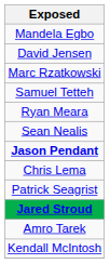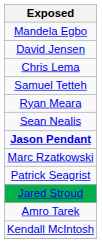 <table class="wikitable" style="text-align:center">
 <tr>
 <th>Exposed</th>
 </tr>
 <tr>
 <td><a href='#'>Mandela Egbo</a></td>
 </tr>
 <tr>
 <td><a href='#'>David Jensen</a></td>
 </tr>
 <tr>
-<td><a href='#'>Marc Rzatkowski</a></td>
+<td><a href='#'>Chris Lema</a></td>
 </tr>
 <tr>
 <td><a href='#'>Samuel Tetteh</a></td>
 </tr>
 <tr>
 <td><a href='#'>Ryan Meara</a></td>
 </tr>
 <tr>
 <td><a href='#'>Sean Nealis</a></td>
 </tr>
 <tr>
 <td><strong><a href='#'>Jason Pendant</a></strong></td>
 </tr>
 <tr>
-<td><a href='#'>Chris Lema</a></td>
+<td><a href='#'>Marc Rzatkowski</a></td>
 </tr>
 <tr>
 <td><a href='#'>Patrick Seagrist</a></td>
 </tr>
 <tr>
-<td style="background: #03AF4B"><strong><a href='#'>Jared Stroud</a></strong></td>
+<td style="background: #03AF4B"><a href='#'>Jared Stroud</a></td>
 </tr>
 <tr>
 <td><a href='#'>Amro Tarek</a></td>
 </tr>
 <tr>
 <td><a href='#'>Kendall McIntosh</a></td>
 </tr>
 <tr>
 </tr>
 </table>
